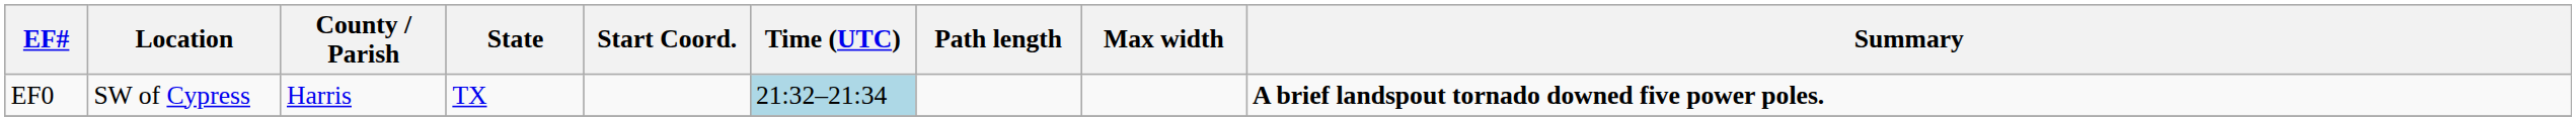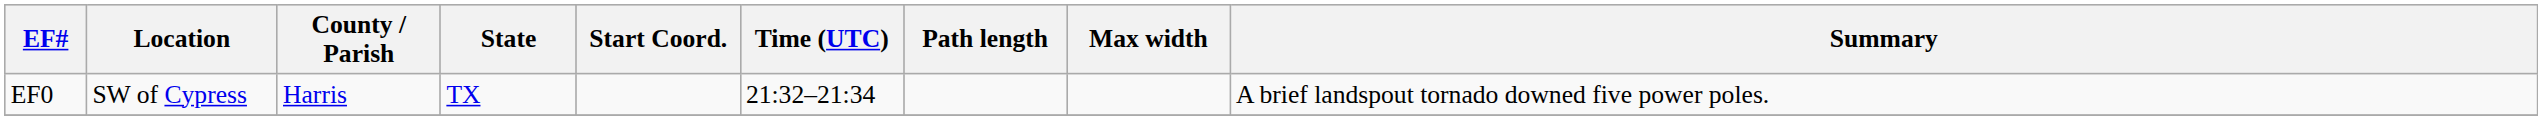 <table class="wikitable sortable" style="width:100%;">
 <tr>
 <th scope="col"  style="width:3%; text-align:center;"><a href='#'>EF#</a></th>
 <th scope="col"  style="width:7%; text-align:center;" class="unsortable">Location</th>
 <th scope="col"  style="width:6%; text-align:center;" class="unsortable">County / Parish</th>
 <th scope="col"  style="width:5%; text-align:center;">State</th>
 <th scope="col"  style="width:6%; text-align:center;">Start Coord.</th>
 <th scope="col"  style="width:6%; text-align:center;">Time (<a href='#'>UTC</a>)</th>
 <th scope="col"  style="width:6%; text-align:center;">Path length</th>
 <th scope="col"  style="width:6%; text-align:center;">Max width</th>
 <th scope="col" class="unsortable" style="width:48%; text-align:center;">Summary</th>
 </tr>
 <tr>
 <td>EF0</td>
 <td>SW of <a href='#'>Cypress</a></td>
 <td><a href='#'>Harris</a></td>
 <td><a href='#'>TX</a></td>
 <td></td>
-<td style="background: lightblue;">21:32–21:34</td>
+<td>21:32–21:34</td>
 <td></td>
 <td></td>
-<td><strong>A brief landspout tornado downed five power poles.</strong></td>
+<td>A brief landspout tornado downed five power poles.</td>
 </tr>
 <tr>
 </tr>
 </table>
